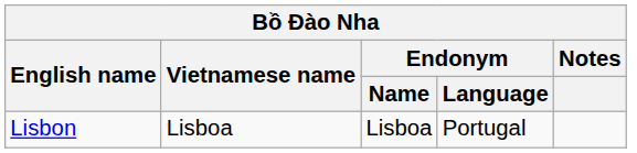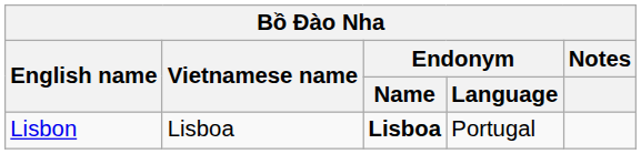 <table class="wikitable sortable">
 <tr>
 <th colspan="5"> Bồ Đào Nha</th>
 </tr>
 <tr>
 <th rowspan="2">English name</th>
 <th rowspan="2">Vietnamese name</th>
 <th colspan="2">Endonym</th>
 <th>Notes</th>
 </tr>
 <tr>
 <th>Name</th>
 <th>Language</th>
 <th></th>
 </tr>
 <tr>
 <td><a href='#'>Lisbon</a></td>
 <td>Lisboa</td>
-<td>Lisboa</td>
+<td><strong>Lisboa</strong></td>
 <td>Portugal</td>
 </tr>
 </table>
